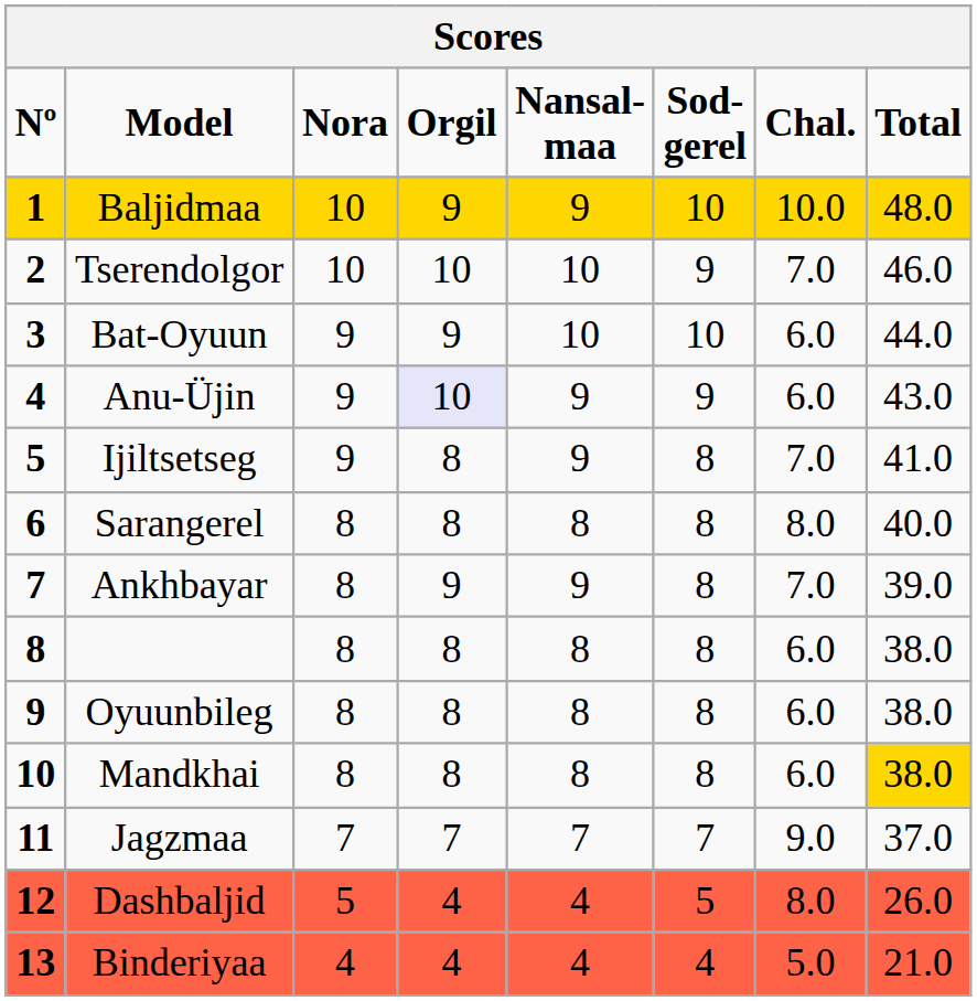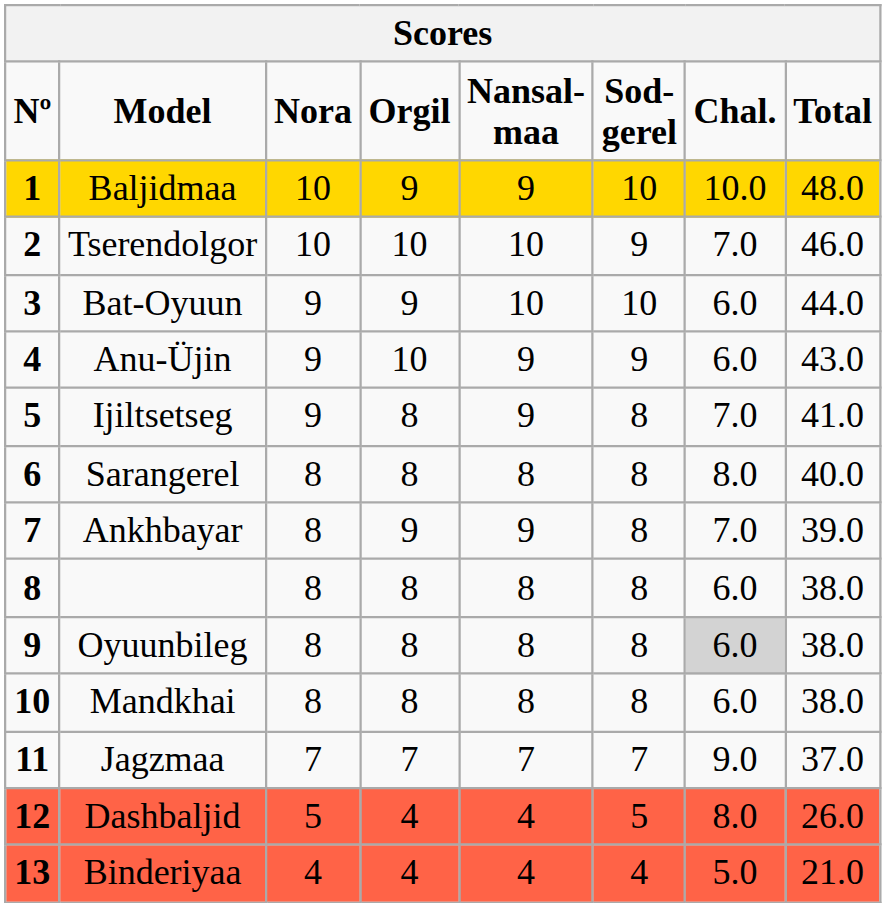 <table class="wikitable collapsible autocollapse" style="text-align:center;">
 <tr>
 <th colspan="8">Scores</th>
 </tr>
 <tr>
 <td><strong>Nº</strong></td>
 <td><strong>Model</strong></td>
 <td><strong>Nora</strong></td>
 <td><strong>Orgil</strong></td>
 <td><strong>Nansal-<br>maa</strong></td>
 <td><strong>Sod-<br>gerel</strong></td>
 <td><strong>Chal.</strong></td>
 <td><strong>Total</strong></td>
 </tr>
 <tr>
 <td style="background:gold"><strong>1</strong></td>
 <td style="background:gold">Baljidmaa</td>
 <td style="background:gold">10</td>
 <td style="background:gold">9</td>
 <td style="background:gold">9</td>
 <td style="background:gold">10</td>
 <td style="background:gold">10.0</td>
 <td style="background:gold">48.0</td>
 </tr>
 <tr>
 <td><strong>2</strong></td>
 <td>Tserendolgor</td>
 <td>10</td>
 <td>10</td>
 <td>10</td>
 <td>9</td>
 <td>7.0</td>
 <td>46.0</td>
 </tr>
 <tr>
 <td><strong>3</strong></td>
 <td>Bat-Oyuun</td>
 <td>9</td>
 <td>9</td>
 <td>10</td>
 <td>10</td>
 <td>6.0</td>
 <td>44.0</td>
 </tr>
 <tr>
 <td><strong>4</strong></td>
 <td>Anu-Üjin</td>
 <td>9</td>
-<td style="background: lavender;">10</td>
+<td>10</td>
 <td>9</td>
 <td>9</td>
 <td>6.0</td>
 <td>43.0</td>
 </tr>
 <tr>
 <td><strong>5</strong></td>
 <td>Ijiltsetseg</td>
 <td>9</td>
 <td>8</td>
 <td>9</td>
 <td>8</td>
 <td>7.0</td>
 <td>41.0</td>
 </tr>
 <tr>
 <td><strong>6</strong></td>
 <td>Sarangerel</td>
 <td>8</td>
 <td>8</td>
 <td>8</td>
 <td>8</td>
 <td>8.0</td>
 <td>40.0</td>
 </tr>
 <tr>
 <td><strong>7</strong></td>
 <td>Ankhbayar</td>
 <td>8</td>
 <td>9</td>
 <td>9</td>
 <td>8</td>
 <td>7.0</td>
 <td>39.0</td>
 </tr>
 <tr>
 <td><strong>8</strong></td>
 <td></td>
 <td>8</td>
 <td>8</td>
 <td>8</td>
 <td>8</td>
 <td>6.0</td>
 <td>38.0</td>
 </tr>
 <tr>
 <td><strong>9</strong></td>
 <td>Oyuunbileg</td>
 <td>8</td>
 <td>8</td>
 <td>8</td>
 <td>8</td>
-<td>6.0</td>
+<td style="background: lightgrey;">6.0</td>
 <td>38.0</td>
 </tr>
 <tr>
 <td><strong>10</strong></td>
 <td>Mandkhai</td>
 <td>8</td>
 <td>8</td>
 <td>8</td>
 <td>8</td>
 <td>6.0</td>
-<td style="background: gold;">38.0</td>
+<td>38.0</td>
 </tr>
 <tr>
 <td><strong>11</strong></td>
 <td>Jagzmaa</td>
 <td>7</td>
 <td>7</td>
 <td>7</td>
 <td>7</td>
 <td>9.0</td>
 <td>37.0</td>
 </tr>
 <tr>
 <td style="background:tomato"><strong>12</strong></td>
 <td style="background:tomato">Dashbaljid</td>
 <td style="background:tomato">5</td>
 <td style="background:tomato">4</td>
 <td style="background:tomato">4</td>
 <td style="background:tomato">5</td>
 <td style="background:tomato">8.0</td>
 <td style="background:tomato">26.0</td>
 </tr>
 <tr>
 <td style="background:tomato"><strong>13</strong></td>
 <td style="background:tomato">Binderiyaa</td>
 <td style="background:tomato">4</td>
 <td style="background:tomato">4</td>
 <td style="background:tomato">4</td>
 <td style="background:tomato">4</td>
 <td style="background:tomato">5.0</td>
 <td style="background:tomato">21.0</td>
 </tr>
 </table>
